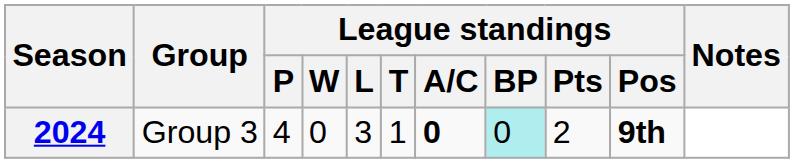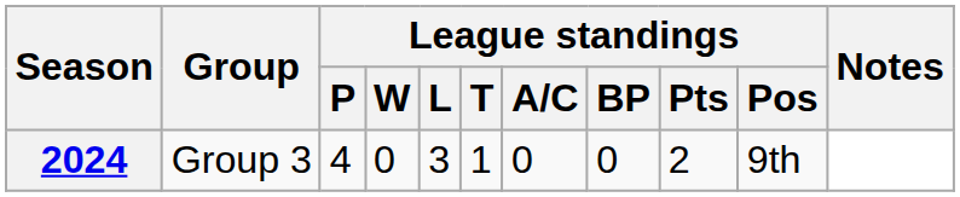 <table class="wikitable sortable">
 <tr>
 <th scope="col" rowspan="2">Season</th>
 <th scope="col" rowspan="2">Group</th>
 <th scope="col" colspan="8">League standings</th>
 <th scope="col" rowspan="2">Notes</th>
 </tr>
 <tr>
 <th scope="col">P</th>
 <th scope="col">W</th>
 <th scope="col">L</th>
 <th scope="col">T</th>
 <th scope="col">A/C</th>
 <th scope="col">BP</th>
 <th scope="col">Pts</th>
 <th scope="col">Pos</th>
 </tr>
 <tr>
 <th scope="row"><a href='#'>2024</a></th>
 <td>Group 3</td>
 <td>4</td>
 <td>0</td>
 <td>3</td>
 <td>1</td>
-<td><strong>0</strong></td>
-<td style="background: paleturquoise;">0</td>
+<td>0</td>
+<td>0</td>
 <td>2</td>
-<td><strong>9th</strong></td>
+<td>9th</td>
 <td style="background: white;"></td>
 </tr>
 </table>
